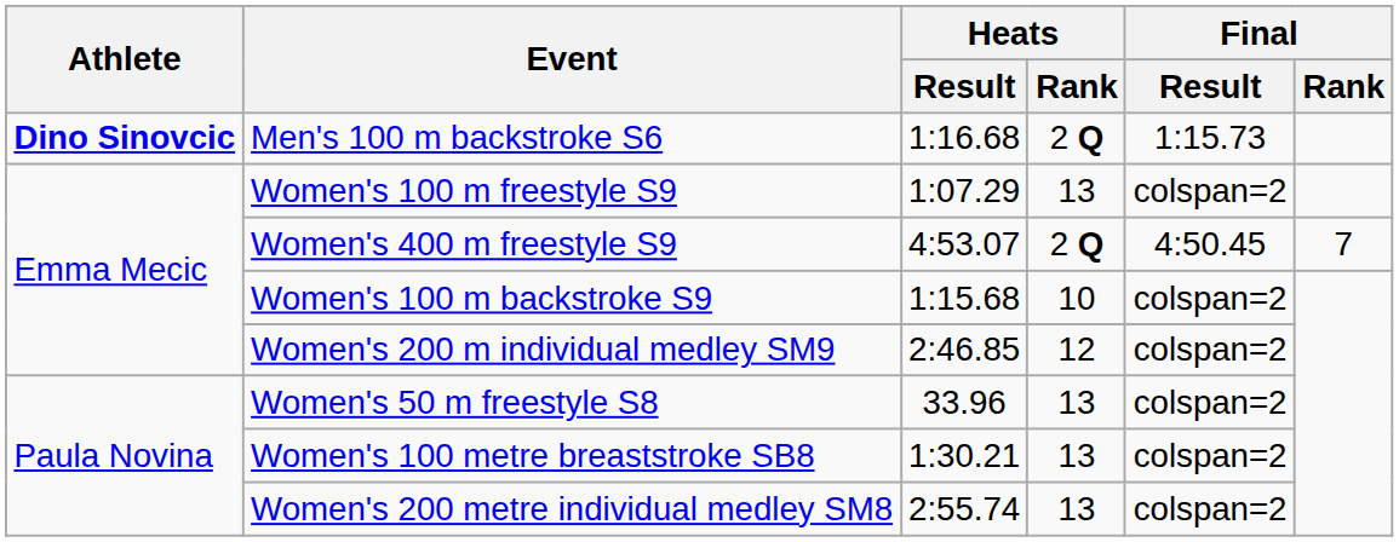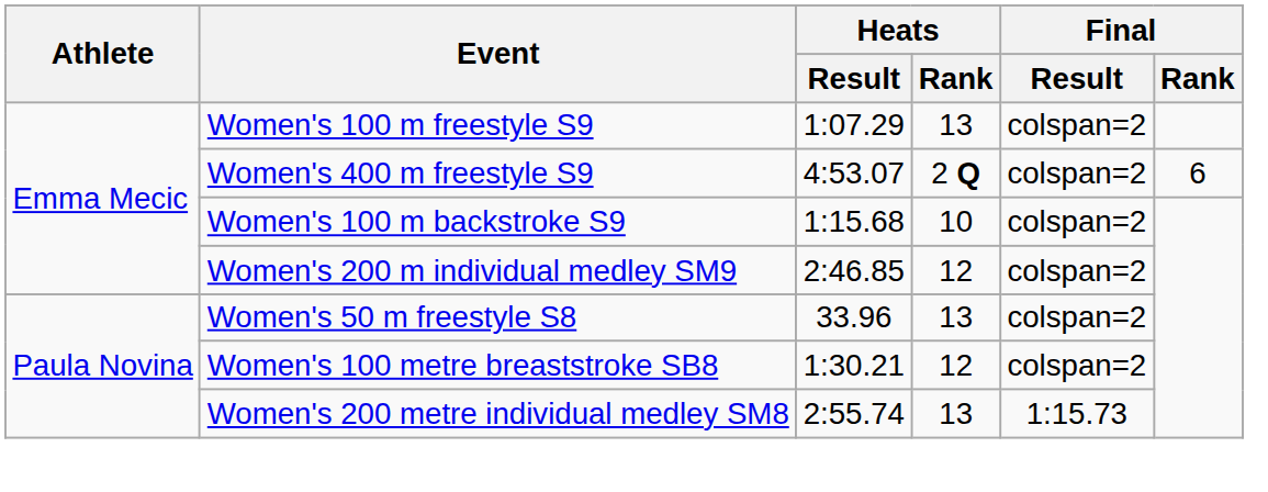 <table class=wikitable style="font-size:90%">
 <tr>
 <th rowspan="2">Athlete</th>
 <th rowspan="2">Event</th>
 <th colspan="2">Heats</th>
 <th colspan="2">Final</th>
 </tr>
 <tr>
 <th>Result</th>
 <th>Rank</th>
 <th>Result</th>
 <th>Rank</th>
 </tr>
 <tr align=center>
-<td align=left><strong><a href='#'>Dino Sinovcic</a></strong></td>
-<td align=left><a href='#'>Men's 100 m backstroke S6</a></td>
-<td>1:16.68</td>
-<td>2 <strong>Q</strong></td>
-<td>1:15.73</td>
-<td></td>
-</tr>
-<tr align=center>
 <td align=left rowspan=4><a href='#'>Emma Mecic</a></td>
 <td align=left><a href='#'>Women's 100 m freestyle S9</a></td>
 <td>1:07.29</td>
 <td>13</td>
 <td>colspan=2 </td>
 </tr>
 <tr align=center>
 <td align=left><a href='#'>Women's 400 m freestyle S9</a></td>
 <td>4:53.07</td>
 <td>2 <strong>Q</strong></td>
-<td>4:50.45</td>
-<td>7</td>
+<td>colspan=2 </td>
+<td>6</td>
 </tr>
 <tr align=center>
 <td align=left><a href='#'>Women's 100 m backstroke S9</a></td>
 <td>1:15.68</td>
 <td>10</td>
 <td>colspan=2 </td>
 </tr>
 <tr align=center>
 <td align=left><a href='#'>Women's 200 m individual medley SM9</a></td>
 <td>2:46.85</td>
 <td>12</td>
 <td>colspan=2 </td>
 </tr>
 <tr align=center>
 <td align=left rowspan=3><a href='#'>Paula Novina</a></td>
 <td align=left><a href='#'>Women's 50 m freestyle S8</a></td>
 <td>33.96</td>
 <td>13</td>
 <td>colspan=2 </td>
 </tr>
 <tr align=center>
 <td align=left><a href='#'>Women's 100 metre breaststroke SB8</a></td>
 <td>1:30.21</td>
-<td>13</td>
+<td>12</td>
 <td>colspan=2 </td>
 </tr>
 <tr align=center>
 <td align=left><a href='#'>Women's 200 metre individual medley SM8</a></td>
 <td>2:55.74</td>
 <td>13</td>
-<td>colspan=2 </td>
+<td>1:15.73</td>
 </tr>
 </table>
